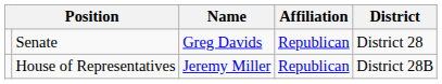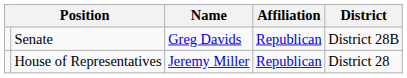 <table class="wikitable">
 <tr>
 <th colspan="2">Position</th>
 <th>Name</th>
 <th>Affiliation</th>
 <th>District</th>
 </tr>
 <tr>
 <td style="background-color:"></td>
 <td>Senate</td>
 <td><a href='#'>Greg Davids</a></td>
 <td><a href='#'>Republican</a></td>
-<td>District 28</td>
+<td>District 28B</td>
 </tr>
 <tr>
 <td style="background-color:"></td>
 <td>House of Representatives</td>
 <td><a href='#'>Jeremy Miller</a></td>
 <td><a href='#'>Republican</a></td>
-<td>District 28B</td>
+<td>District 28</td>
 </tr>
 </table>
